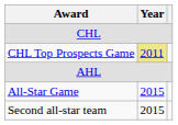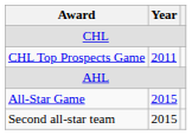 <table class="wikitable">
 <tr>
 <th>Award</th>
 <th>Year</th>
 <th></th>
 </tr>
 <tr ALIGN="center" bgcolor="#e0e0e0">
 <td colspan="3"><a href='#'>CHL</a></td>
 </tr>
 <tr>
 <td><a href='#'>CHL Top Prospects Game</a></td>
-<td style="background: khaki;"><a href='#'>2011</a></td>
+<td><a href='#'>2011</a></td>
 <td></td>
 </tr>
 <tr ALIGN="center" bgcolor="#e0e0e0">
 <td colspan="3"><a href='#'>AHL</a></td>
 </tr>
 <tr>
 <td><a href='#'>All-Star Game</a></td>
 <td><a href='#'>2015</a></td>
 <td></td>
 </tr>
 <tr>
 <td>Second all-star team</td>
 <td>2015</td>
 <td></td>
 </tr>
 </table>
